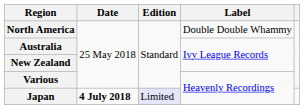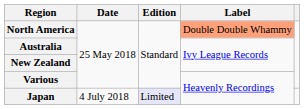 <table class="wikitable plainrowheaders">
 <tr>
 <th scope="col">Region</th>
 <th scope="col">Date</th>
 <th scope="col">Edition</th>
 <th scope="col">Label</th>
 <th scope="col"></th>
 </tr>
 <tr>
 <th scope="row">North America</th>
 <td rowspan="4">25 May 2018</td>
 <td rowspan="4">Standard</td>
-<td>Double Double Whammy</td>
+<td style="background: lightsalmon;">Double Double Whammy</td>
 <td rowspan="4"></td>
 </tr>
 <tr>
 <th scope="row">Australia</th>
 <td rowspan="2"><a href='#'>Ivy League Records</a></td>
 </tr>
 <tr>
 <th scope="row">New Zealand</th>
 </tr>
 <tr>
 <th scope="row">Various</th>
 <td rowspan="2"><a href='#'>Heavenly Recordings</a></td>
 </tr>
 <tr>
 <th scope="row">Japan</th>
-<td><strong>4 July 2018</strong></td>
+<td>4 July 2018</td>
 <td style="background: lavender;">Limited</td>
 <td></td>
 </tr>
 </table>
